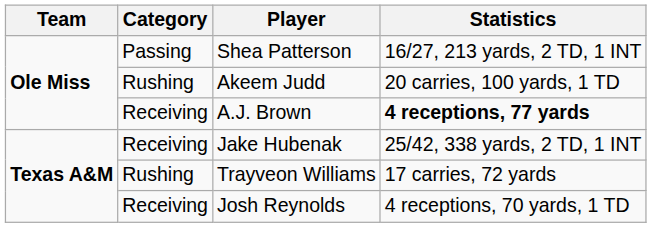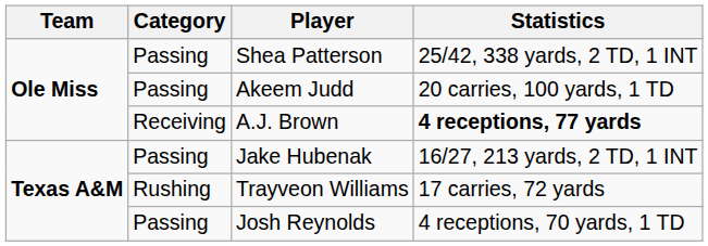 <table class="wikitable" style="float: right;">
 <tr>
 <th>Team</th>
 <th>Category</th>
 <th>Player</th>
 <th>Statistics</th>
 </tr>
 <tr>
 <td rowspan=3><strong>Ole Miss</strong></td>
 <td>Passing</td>
 <td>Shea Patterson</td>
-<td>16/27, 213 yards, 2 TD, 1 INT</td>
+<td>25/42, 338 yards, 2 TD, 1 INT</td>
 </tr>
 <tr>
-<td>Rushing</td>
+<td>Passing</td>
 <td>Akeem Judd</td>
 <td>20 carries, 100 yards, 1 TD</td>
 </tr>
 <tr>
 <td>Receiving</td>
 <td>A.J. Brown</td>
 <td><strong>4 receptions, 77 yards</strong></td>
 </tr>
 <tr>
 <td rowspan=3><strong>Texas A&M</strong></td>
-<td>Receiving</td>
+<td>Passing</td>
 <td>Jake Hubenak</td>
-<td>25/42, 338 yards, 2 TD, 1 INT</td>
+<td>16/27, 213 yards, 2 TD, 1 INT</td>
 </tr>
 <tr>
 <td>Rushing</td>
 <td>Trayveon Williams</td>
 <td>17 carries, 72 yards</td>
 </tr>
 <tr>
-<td>Receiving</td>
+<td>Passing</td>
 <td>Josh Reynolds</td>
 <td>4 receptions, 70 yards, 1 TD</td>
 </tr>
 </table>
